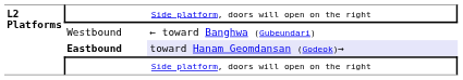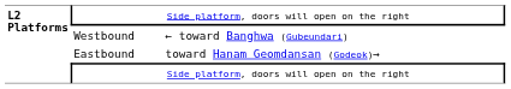 <table table border=0 cellspacing=0 cellpadding=3>
 <tr>
 <td style="border-top:solid 1px gray;border-bottom:solid 1px gray;" width=50 rowspan=10 valign=top><strong>L2<br>Platforms</strong></td>
 <td style="border-top:solid 1px gray;border-right:solid 2px black;border-left:solid 2px black;border-bottom:solid 2px black;text-align:center;" colspan=2><small><a href='#'>Side platform</a>, doors will open on the right</small></td>
 </tr>
 <tr>
 <td style="border-bottom:solid 0px gray;border-top:solid 1px gray;" width=100>Westbound</td>
 <td style="border-bottom:solid 0px gray;border-top:solid 1px gray;" width=390>←  toward <a href='#'>Banghwa</a> <small>(<a href='#'>Gubeundari</a>)</small></td>
 </tr>
 <tr>
-<td><strong>Eastbound</strong></td>
-<td style="background: lavender;">  toward <a href='#'>Hanam Geomdansan</a> <small>(<a href='#'>Godeok</a>)</small>→</td>
+<td>Eastbound</td>
+<td>  toward <a href='#'>Hanam Geomdansan</a> <small>(<a href='#'>Godeok</a>)</small>→</td>
 </tr>
 <tr>
 <td style="border-top:solid 2px black;border-right:solid 2px black;border-left:solid 2px black;border-bottom:solid 1px gray;text-align:center;" colspan=2><small><a href='#'>Side platform</a>, doors will open on the right</small></td>
 </tr>
 </table>
